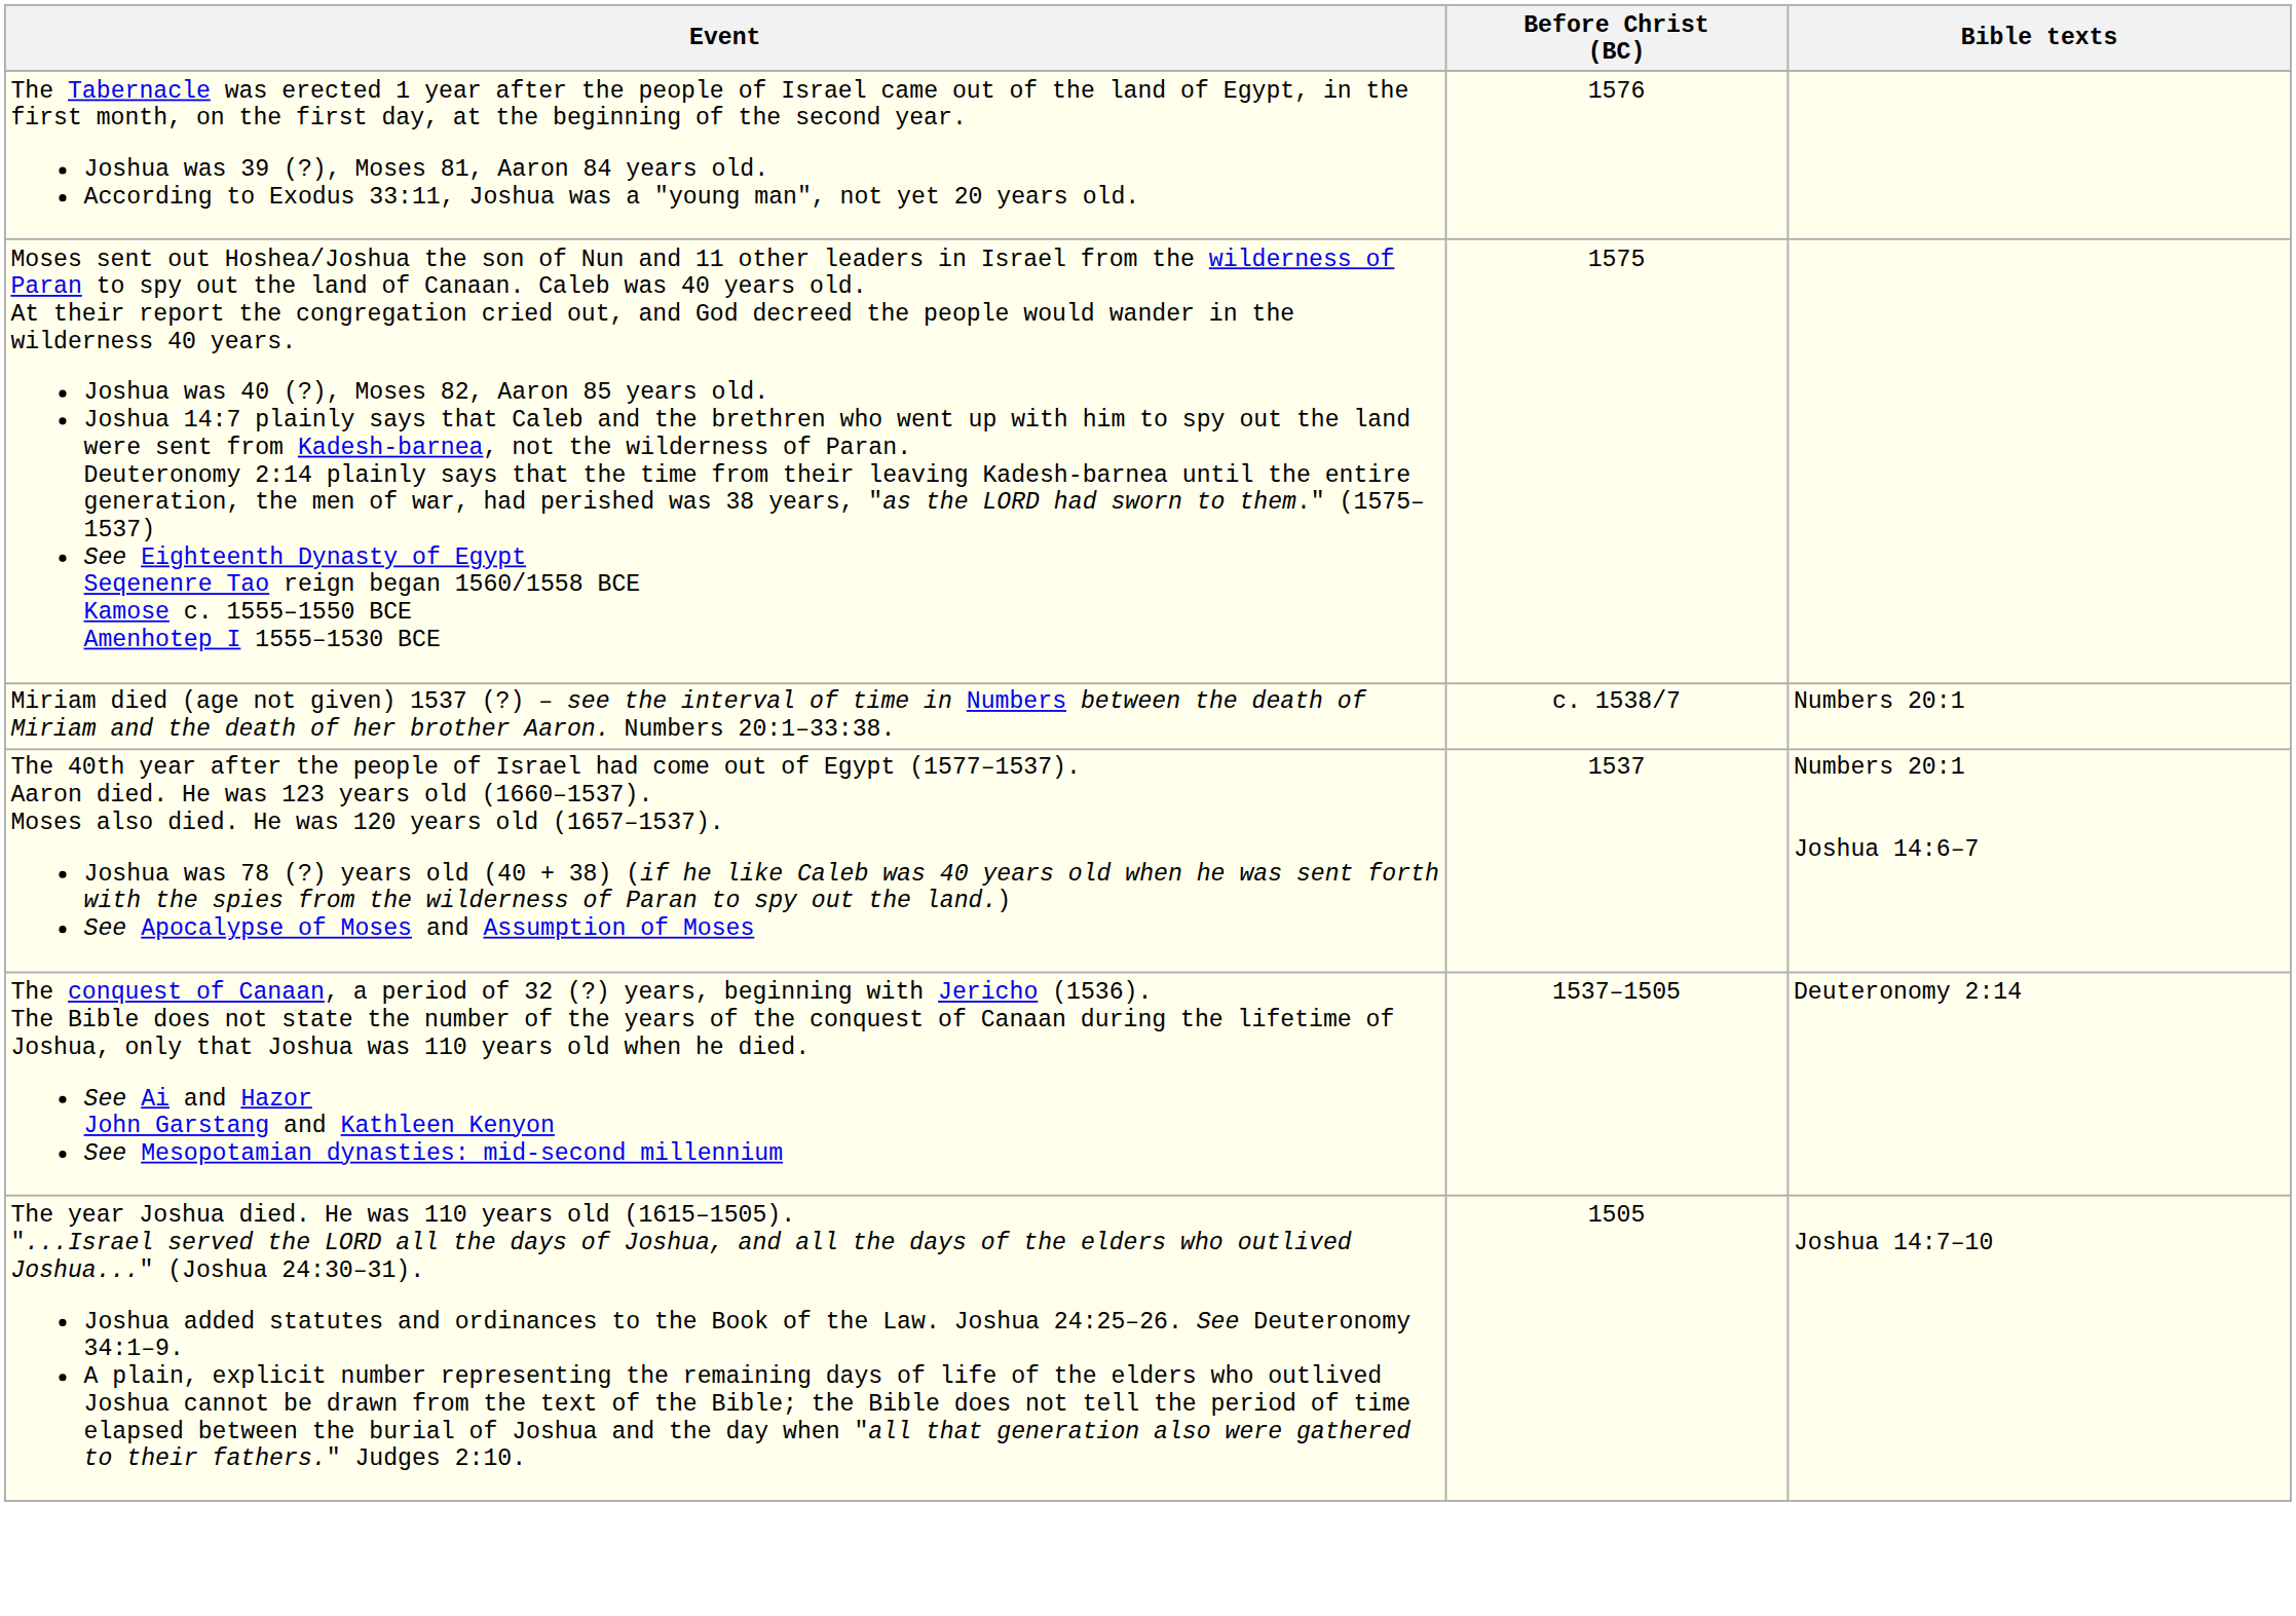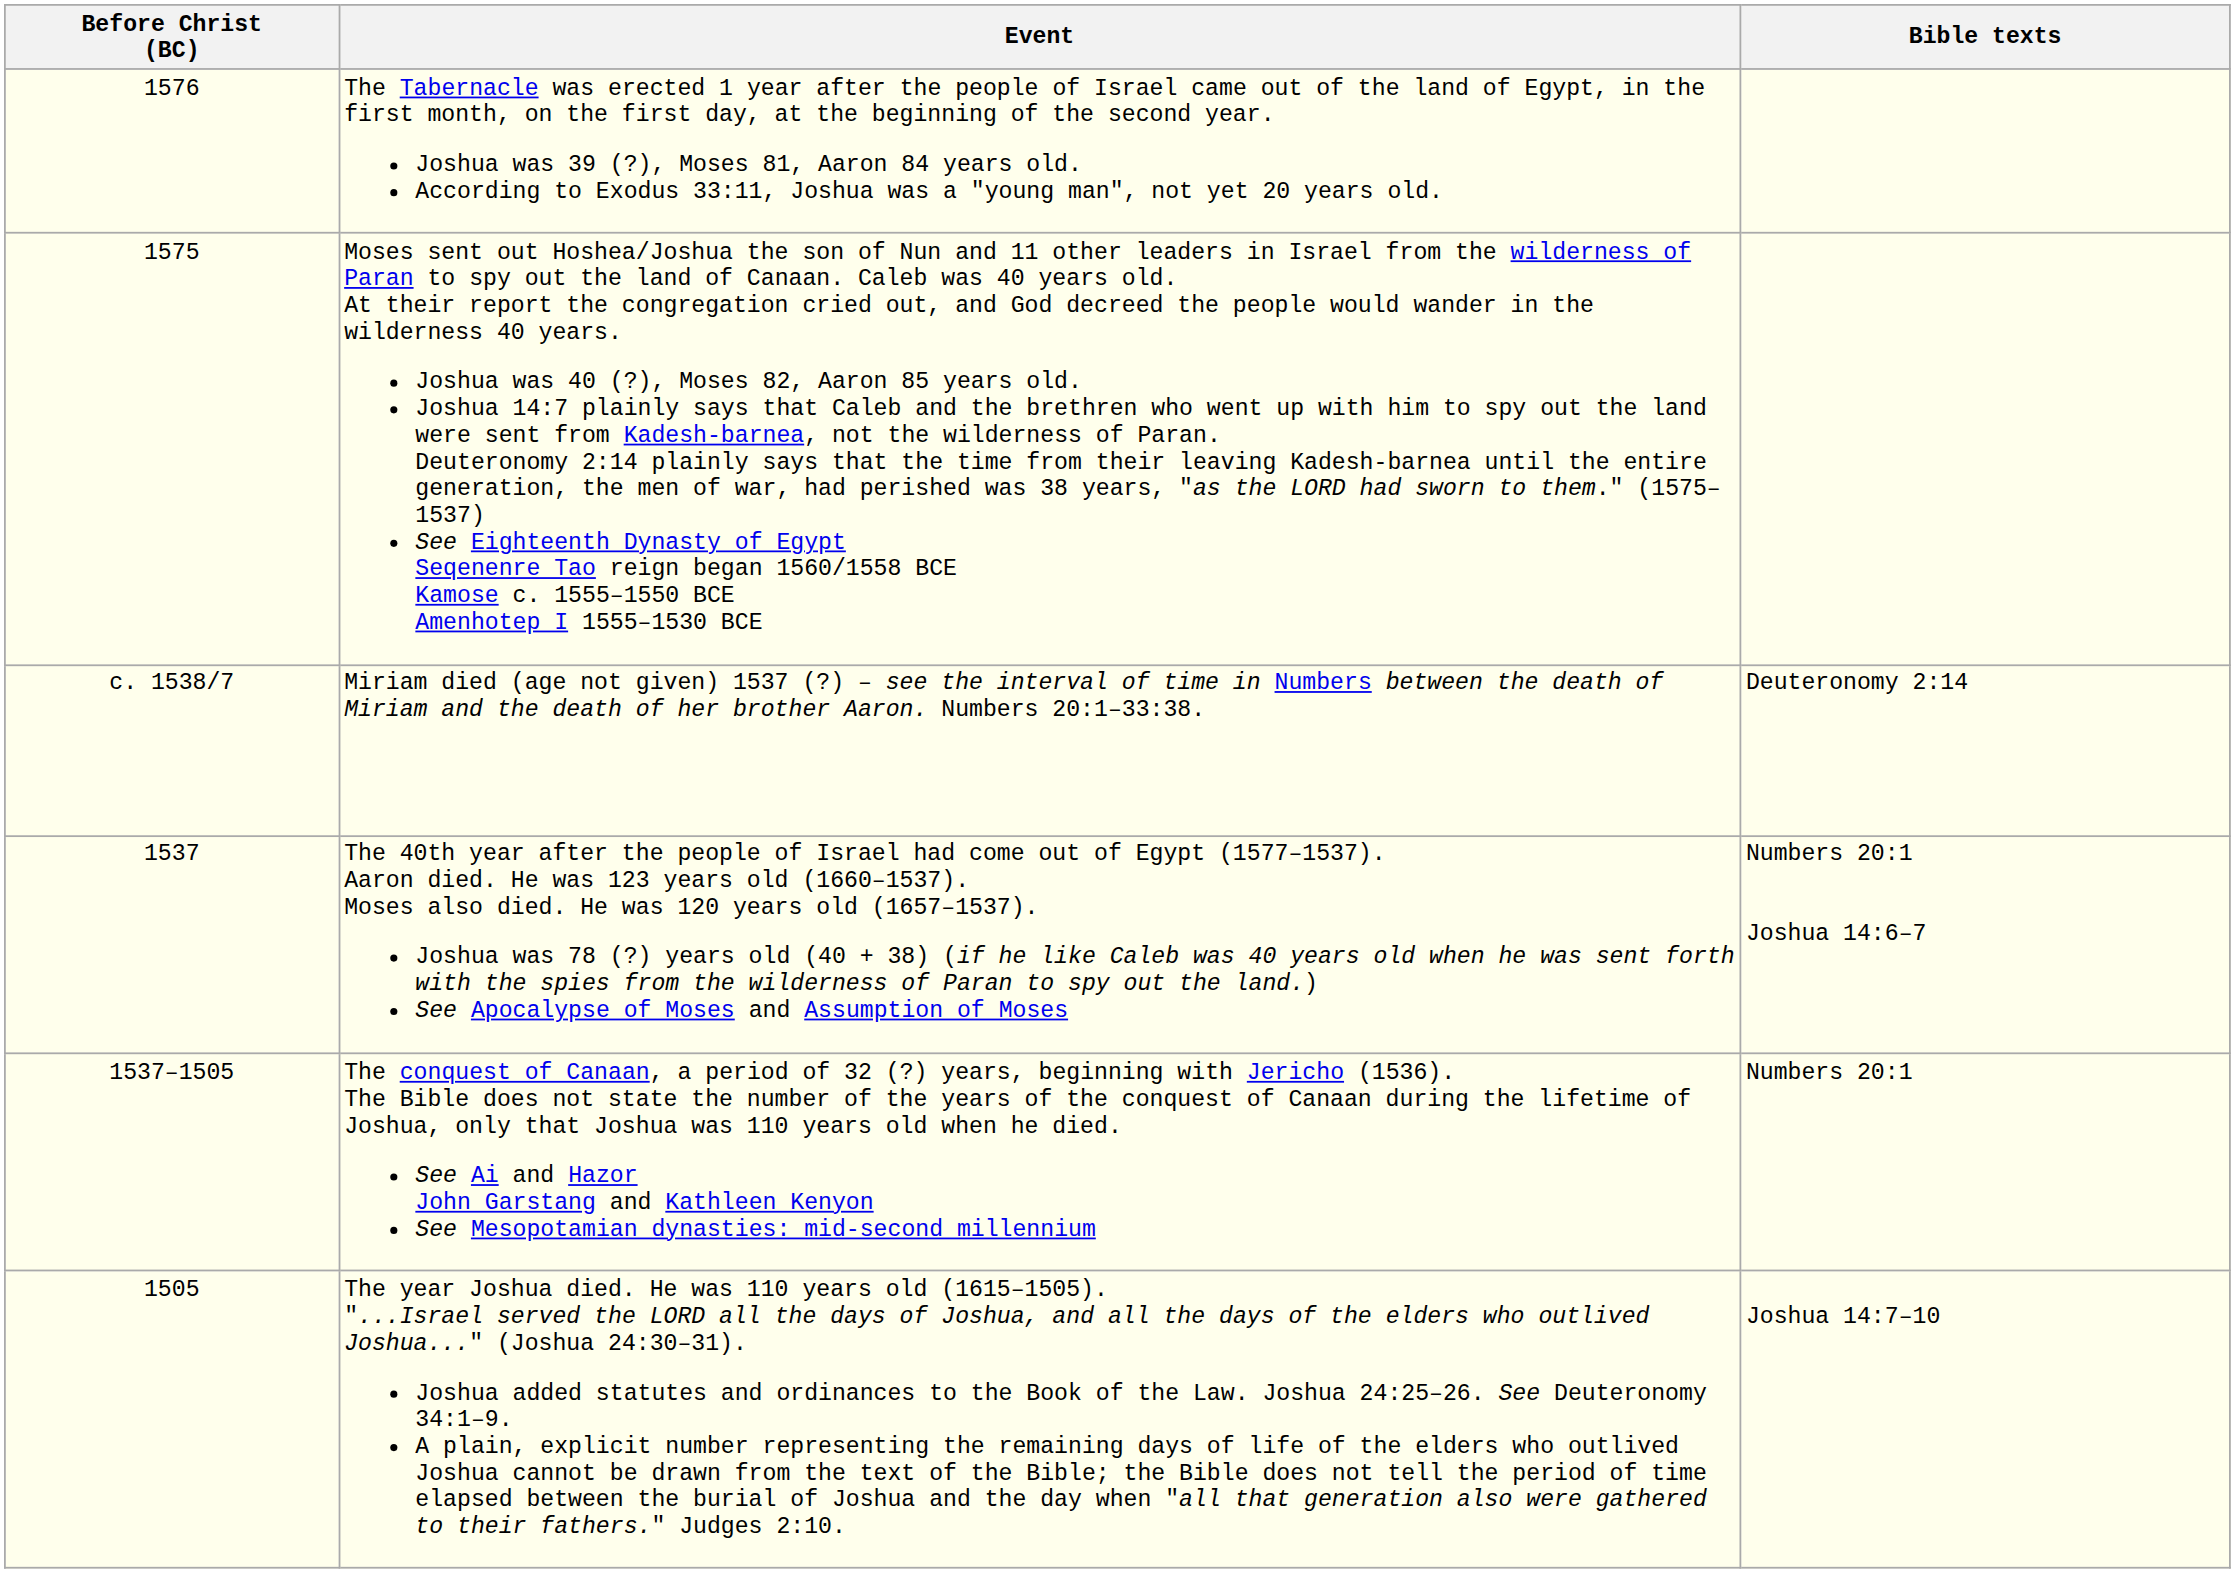 <table class="wikitable" style="align:center;">
 <tr>
+<th style="width:15%;">Before Christ<br>(BC)</th>
 <th style="width:63%;">Event</th>
-<th style="width:15%;">Before Christ<br>(BC)</th>
 <th style="width:22%;">Bible texts</th>
 </tr>
 <tr style="text-align:left; background:#ffffec; vertical-align:top;">
+<td style="text-align:center;">1576 <br> </td>
 <td>The <a href='#'>Tabernacle</a> was erected 1 year after the people of Israel came out of the land of Egypt, in the first month, on the first day, at the beginning of the second year.<br><ul><li>Joshua was 39 (?), Moses 81, Aaron 84 years old.</li><li>According to Exodus 33:11, Joshua was a "young man", not yet 20 years old.</li></ul></td>
-<td style="text-align:center;">1576 <br> </td>
 <td> <br>  <br> </td>
 </tr>
 <tr style="text-align:left; background:#ffffec; vertical-align:top;">
+<td style="text-align:center;">1575</td>
 <td>Moses sent out Hoshea/Joshua the son of Nun and 11 other leaders in Israel from the <a href='#'>wilderness of Paran</a> to spy out the land of Canaan. Caleb was 40 years old. <br> At their report the congregation cried out, and God decreed the people would wander in the wilderness 40 years.<br><ul><li>Joshua was 40 (?), Moses 82, Aaron 85 years old.</li><li>Joshua 14:7 plainly says that Caleb and the brethren who went up with him to spy out the land were sent from <a href='#'>Kadesh-barnea</a>, not the wilderness of Paran. <br> Deuteronomy 2:14 plainly says that the time from their leaving Kadesh-barnea until the entire generation, the men of war, had perished was 38 years, "<em>as the LORD had sworn to them</em>." (1575–1537)</li><li><em>See</em> <a href='#'>Eighteenth Dynasty of Egypt</a> <br> <a href='#'>Seqenenre Tao</a> reign began 1560/1558 BCE <br> <a href='#'>Kamose</a> c. 1555–1550 BCE <br> <a href='#'>Amenhotep I</a> 1555–1530 BCE</li></ul></td>
-<td style="text-align:center;">1575</td>
 <td> <br>  <br>  <br>  <br> </td>
 </tr>
 <tr style="text-align:left; background:#ffffec; vertical-align:top;">
+<td style="text-align:center;">c. 1538/7</td>
 <td>Miriam died (age not given) 1537 (?) – <em>see the interval of time in</em> <a href='#'>Numbers</a> <em>between the death of Miriam and the death of her brother Aaron.</em> Numbers 20:1–33:38.</td>
-<td style="text-align:center;">c. 1538/7</td>
+<td>Deuteronomy 2:14 <br>  <br>  <br>  <br>  <br>  <br> </td>
+</tr>
+<tr style="text-align:left; background:#ffffec; vertical-align:top;">
+<td style="text-align:center;">1537 <br> </td>
+<td>The 40th year after the people of Israel had come out of Egypt (1577–1537). <br> Aaron died. He was 123 years old (1660–1537). <br> Moses also died. He was 120 years old (1657–1537).<br><ul><li>Joshua was 78 (?) years old (40 + 38) (<em>if he like Caleb was 40 years old when he was sent forth with the spies from the wilderness of Paran to spy out the land.</em>)</li><li><em>See</em> <a href='#'>Apocalypse of Moses</a> and <a href='#'>Assumption of Moses</a></li></ul></td>
+<td>Numbers 20:1 <br>  <br>  <br> Joshua 14:6–7 <br> </td>
+</tr>
+<tr style="text-align:left; background:#ffffec; vertical-align:top;">
+<td style="text-align:center;">1537–1505 <br> </td>
+<td>The <a href='#'>conquest of Canaan</a>, a period of 32 (?) years, beginning with <a href='#'>Jericho</a> (1536). <br> The Bible does not state the number of the years of the conquest of Canaan during the lifetime of Joshua, only that Joshua was 110 years old when he died.<br><ul><li><em>See</em> <a href='#'>Ai</a> and <a href='#'>Hazor</a> <br> <a href='#'>John Garstang</a> and <a href='#'>Kathleen Kenyon</a></li><li><em>See</em> <a href='#'>Mesopotamian dynasties: mid-second millennium</a></li></ul></td>
 <td>Numbers 20:1 <br> </td>
 </tr>
 <tr style="text-align:left; background:#ffffec; vertical-align:top;">
-<td>The 40th year after the people of Israel had come out of Egypt (1577–1537). <br> Aaron died. He was 123 years old (1660–1537). <br> Moses also died. He was 120 years old (1657–1537).<br><ul><li>Joshua was 78 (?) years old (40 + 38) (<em>if he like Caleb was 40 years old when he was sent forth with the spies from the wilderness of Paran to spy out the land.</em>)</li><li><em>See</em> <a href='#'>Apocalypse of Moses</a> and <a href='#'>Assumption of Moses</a></li></ul></td>
-<td style="text-align:center;">1537 <br> </td>
-<td>Numbers 20:1 <br>  <br>  <br> Joshua 14:6–7 <br> </td>
-</tr>
-<tr style="text-align:left; background:#ffffec; vertical-align:top;">
-<td>The <a href='#'>conquest of Canaan</a>, a period of 32 (?) years, beginning with <a href='#'>Jericho</a> (1536). <br> The Bible does not state the number of the years of the conquest of Canaan during the lifetime of Joshua, only that Joshua was 110 years old when he died.<br><ul><li><em>See</em> <a href='#'>Ai</a> and <a href='#'>Hazor</a> <br> <a href='#'>John Garstang</a> and <a href='#'>Kathleen Kenyon</a></li><li><em>See</em> <a href='#'>Mesopotamian dynasties: mid-second millennium</a></li></ul></td>
-<td style="text-align:center;">1537–1505 <br> </td>
-<td>Deuteronomy 2:14 <br>  <br>  <br>  <br>  <br>  <br> </td>
-</tr>
-<tr style="text-align:left; background:#ffffec; vertical-align:top;">
+<td style="text-align:center;">1505 <br> </td>
 <td>The year Joshua died. He was 110 years old (1615–1505). <br> "<em>...Israel served the LORD all the days of Joshua, and all the days of the elders who outlived Joshua...</em>" (Joshua 24:30–31).<br><ul><li>Joshua added statutes and ordinances to the Book of the Law. Joshua 24:25–26. <em>See</em> Deuteronomy 34:1–9.</li><li>A plain, explicit number representing the remaining days of life of the elders who outlived Joshua cannot be drawn from the text of the Bible; the Bible does not tell the period of time elapsed between the burial of Joshua and the day when "<em>all that generation also were gathered to their fathers.</em>" Judges 2:10.</li></ul></td>
-<td style="text-align:center;">1505 <br> </td>
 <td> <br> Joshua 14:7–10 <br>  <br> </td>
 </tr>
 </table>
